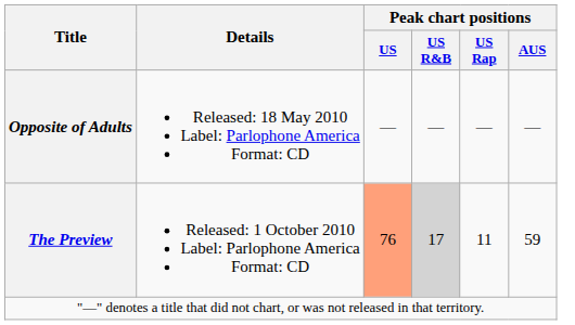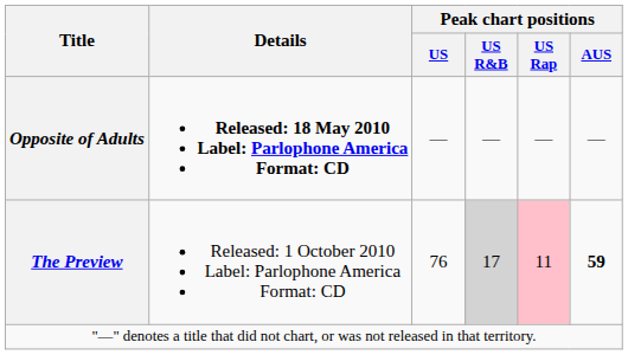 <table class="wikitable plainrowheaders" style="text-align:center;">
 <tr>
 <th scope="col" rowspan="2">Title</th>
 <th scope="col" rowspan="2">Details</th>
 <th scope="col" colspan="4">Peak chart positions</th>
 </tr>
 <tr>
 <th scope="col" style="width:3em;font-size:85%;"><a href='#'>US</a><br></th>
 <th scope="col" style="width:3em;font-size:85%;"><a href='#'>US R&B</a><br></th>
 <th scope="col" style="width:3em;font-size:85%;"><a href='#'>US Rap</a><br></th>
 <th scope="col" style="width:3em;font-size:85%;"><a href='#'>AUS</a><br></th>
 </tr>
 <tr>
 <th scope="row"><em>Opposite of Adults</em></th>
-<td><br><ul><li>Released: 18 May 2010</li><li>Label: <a href='#'>Parlophone America</a></li><li>Format: CD</li></ul></td>
+<td><strong><br><ul><li>Released: 18 May 2010</li><li>Label: <a href='#'>Parlophone America</a></li><li>Format: CD</li></ul></strong></td>
 <td>—</td>
 <td>—</td>
 <td>—</td>
 <td>—</td>
 </tr>
 <tr>
 <th scope="row"><em><a href='#'>The Preview</a></em></th>
 <td><br><ul><li>Released: 1 October 2010</li><li>Label: Parlophone America</li><li>Format: CD</li></ul></td>
-<td style="background: lightsalmon;">76</td>
+<td>76</td>
 <td style="background: lightgrey;">17</td>
-<td>11</td>
-<td>59</td>
+<td style="background: pink;">11</td>
+<td><strong>59</strong></td>
 </tr>
 <tr>
 <td colspan="13" style="font-size:85%;">"—" denotes a title that did not chart, or was not released in that territory.</td>
 </tr>
 </table>
